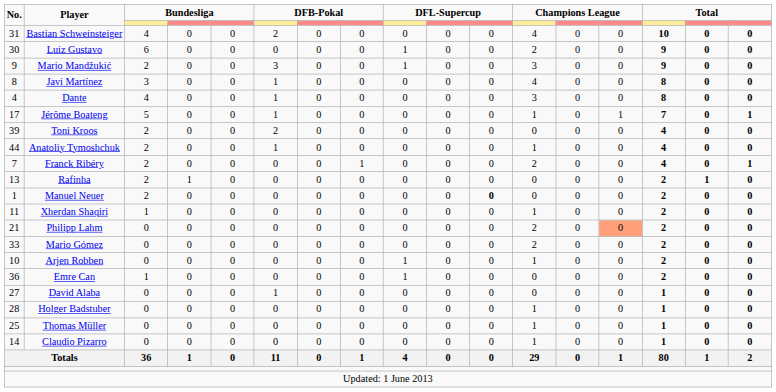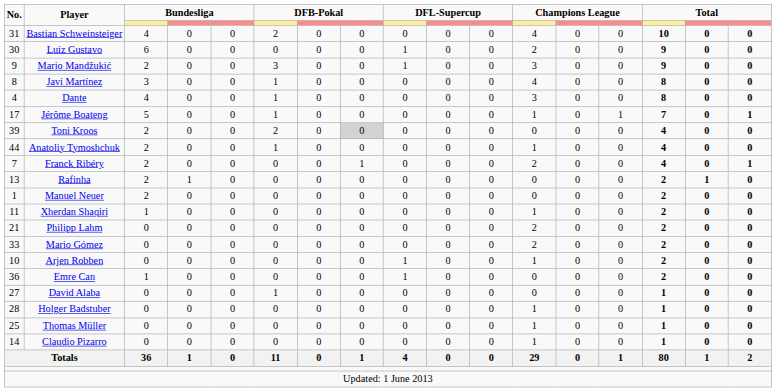 <table class="wikitable" style="text-align:center;">
 <tr style="text-align:center;">
 <td rowspan="2"><strong>No.</strong></td>
 <td rowspan="2"><strong>Player</strong></td>
 <td colspan="3"><strong>Bundesliga</strong></td>
 <td colspan="3"><strong>DFB-Pokal</strong></td>
 <td colspan="3"><strong>DFL-Supercup</strong></td>
 <td colspan="3"><strong>Champions League</strong></td>
 <td colspan="3"><strong>Total</strong></td>
 </tr>
 <tr>
 <th style="width:60px; background:#fe9;"></th>
 <th style="width:60px; background:#ff8888;"></th>
 <th style="width:60px; background:#ff8888;"></th>
 <th style="width:60px; background:#fe9;"></th>
 <th style="width:60px; background:#ff8888;"></th>
 <th style="width:60px; background:#ff8888;"></th>
 <th style="width:60px; background:#fe9;"></th>
 <th style="width:60px; background:#ff8888;"></th>
 <th style="width:60px; background:#ff8888;"></th>
 <th style="width:60px; background:#fe9;"></th>
 <th style="width:60px; background:#ff8888;"></th>
 <th style="width:60px; background:#ff8888;"></th>
 <th style="width:60px; background:#fe9;"></th>
 <th style="width:60px; background:#ff8888;"></th>
 <th style="width:60px; background:#ff8888;"></th>
 </tr>
 <tr>
 <td>31</td>
 <td><a href='#'>Bastian Schweinsteiger</a></td>
 <td>4</td>
 <td>0</td>
 <td>0</td>
 <td>2</td>
 <td>0</td>
 <td>0</td>
 <td>0</td>
 <td>0</td>
 <td>0</td>
 <td>4</td>
 <td>0</td>
 <td>0</td>
 <td><strong>10</strong></td>
 <td><strong>0</strong></td>
 <td><strong>0</strong></td>
 </tr>
 <tr>
 <td>30</td>
 <td><a href='#'>Luiz Gustavo</a></td>
 <td>6</td>
 <td>0</td>
 <td>0</td>
 <td>0</td>
 <td>0</td>
 <td>0</td>
 <td>1</td>
 <td>0</td>
 <td>0</td>
 <td>2</td>
 <td>0</td>
 <td>0</td>
 <td><strong>9</strong></td>
 <td><strong>0</strong></td>
 <td><strong>0</strong></td>
 </tr>
 <tr>
 <td>9</td>
 <td><a href='#'>Mario Mandžukić</a></td>
 <td>2</td>
 <td>0</td>
 <td>0</td>
 <td>3</td>
 <td>0</td>
 <td>0</td>
 <td>1</td>
 <td>0</td>
 <td>0</td>
 <td>3</td>
 <td>0</td>
 <td>0</td>
 <td><strong>9</strong></td>
 <td><strong>0</strong></td>
 <td><strong>0</strong></td>
 </tr>
 <tr>
 <td>8</td>
 <td><a href='#'>Javi Martínez</a></td>
 <td>3</td>
 <td>0</td>
 <td>0</td>
 <td>1</td>
 <td>0</td>
 <td>0</td>
 <td>0</td>
 <td>0</td>
 <td>0</td>
 <td>4</td>
 <td>0</td>
 <td>0</td>
 <td><strong>8</strong></td>
 <td><strong>0</strong></td>
 <td><strong>0</strong></td>
 </tr>
 <tr>
 <td>4</td>
 <td><a href='#'>Dante</a></td>
 <td>4</td>
 <td>0</td>
 <td>0</td>
 <td>1</td>
 <td>0</td>
 <td>0</td>
 <td>0</td>
 <td>0</td>
 <td>0</td>
 <td>3</td>
 <td>0</td>
 <td>0</td>
 <td><strong>8</strong></td>
 <td><strong>0</strong></td>
 <td><strong>0</strong></td>
 </tr>
 <tr>
 <td>17</td>
 <td><a href='#'>Jérôme Boateng</a></td>
 <td>5</td>
 <td>0</td>
 <td>0</td>
 <td>1</td>
 <td>0</td>
 <td>0</td>
 <td>0</td>
 <td>0</td>
 <td>0</td>
 <td>1</td>
 <td>0</td>
 <td>1</td>
 <td><strong>7</strong></td>
 <td><strong>0</strong></td>
 <td><strong>1</strong></td>
 </tr>
 <tr>
 <td>39</td>
 <td><a href='#'>Toni Kroos</a></td>
 <td>2</td>
 <td>0</td>
 <td>0</td>
 <td>2</td>
 <td>0</td>
-<td>0</td>
+<td style="background: lightgrey;">0</td>
 <td>0</td>
 <td>0</td>
 <td>0</td>
 <td>0</td>
 <td>0</td>
 <td>0</td>
 <td><strong>4</strong></td>
 <td><strong>0</strong></td>
 <td><strong>0</strong></td>
 </tr>
 <tr>
 <td>44</td>
 <td><a href='#'>Anatoliy Tymoshchuk</a></td>
 <td>2</td>
 <td>0</td>
 <td>0</td>
 <td>1</td>
 <td>0</td>
 <td>0</td>
 <td>0</td>
 <td>0</td>
 <td>0</td>
 <td>1</td>
 <td>0</td>
 <td>0</td>
 <td><strong>4</strong></td>
 <td><strong>0</strong></td>
 <td><strong>0</strong></td>
 </tr>
 <tr>
 <td>7</td>
 <td><a href='#'>Franck Ribéry</a></td>
 <td>2</td>
 <td>0</td>
 <td>0</td>
 <td>0</td>
 <td>0</td>
 <td>1</td>
 <td>0</td>
 <td>0</td>
 <td>0</td>
 <td>2</td>
 <td>0</td>
 <td>0</td>
 <td><strong>4</strong></td>
 <td><strong>0</strong></td>
 <td><strong>1</strong></td>
 </tr>
 <tr>
 <td>13</td>
 <td><a href='#'>Rafinha</a></td>
 <td>2</td>
 <td>1</td>
 <td>0</td>
 <td>0</td>
 <td>0</td>
 <td>0</td>
 <td>0</td>
 <td>0</td>
 <td>0</td>
 <td>0</td>
 <td>0</td>
 <td>0</td>
 <td><strong>2</strong></td>
 <td><strong>1</strong></td>
 <td><strong>0</strong></td>
 </tr>
 <tr>
 <td>1</td>
 <td><a href='#'>Manuel Neuer</a></td>
 <td>2</td>
 <td>0</td>
 <td>0</td>
 <td>0</td>
 <td>0</td>
 <td>0</td>
 <td>0</td>
 <td>0</td>
-<td><strong>0</strong></td>
+<td>0</td>
 <td>0</td>
 <td>0</td>
 <td>0</td>
 <td><strong>2</strong></td>
 <td><strong>0</strong></td>
 <td><strong>0</strong></td>
 </tr>
 <tr>
 <td>11</td>
 <td><a href='#'>Xherdan Shaqiri</a></td>
 <td>1</td>
 <td>0</td>
 <td>0</td>
 <td>0</td>
 <td>0</td>
 <td>0</td>
 <td>0</td>
 <td>0</td>
 <td>0</td>
 <td>1</td>
 <td>0</td>
 <td>0</td>
 <td><strong>2</strong></td>
 <td><strong>0</strong></td>
 <td><strong>0</strong></td>
 </tr>
 <tr>
 <td>21</td>
 <td><a href='#'>Philipp Lahm</a></td>
 <td>0</td>
 <td>0</td>
 <td>0</td>
 <td>0</td>
 <td>0</td>
 <td>0</td>
 <td>0</td>
 <td>0</td>
 <td>0</td>
 <td>2</td>
 <td>0</td>
-<td style="background: lightsalmon;">0</td>
+<td>0</td>
 <td><strong>2</strong></td>
 <td><strong>0</strong></td>
 <td><strong>0</strong></td>
 </tr>
 <tr>
 <td>33</td>
 <td><a href='#'>Mario Gómez</a></td>
 <td>0</td>
 <td>0</td>
 <td>0</td>
 <td>0</td>
 <td>0</td>
 <td>0</td>
 <td>0</td>
 <td>0</td>
 <td>0</td>
 <td>2</td>
 <td>0</td>
 <td>0</td>
 <td><strong>2</strong></td>
 <td><strong>0</strong></td>
 <td><strong>0</strong></td>
 </tr>
 <tr>
 <td>10</td>
 <td><a href='#'>Arjen Robben</a></td>
 <td>0</td>
 <td>0</td>
 <td>0</td>
 <td>0</td>
 <td>0</td>
 <td>0</td>
 <td>1</td>
 <td>0</td>
 <td>0</td>
 <td>1</td>
 <td>0</td>
 <td>0</td>
 <td><strong>2</strong></td>
 <td><strong>0</strong></td>
 <td><strong>0</strong></td>
 </tr>
 <tr>
 <td>36</td>
 <td><a href='#'>Emre Can</a></td>
 <td>1</td>
 <td>0</td>
 <td>0</td>
 <td>0</td>
 <td>0</td>
 <td>0</td>
 <td>1</td>
 <td>0</td>
 <td>0</td>
 <td>0</td>
 <td>0</td>
 <td>0</td>
 <td><strong>2</strong></td>
 <td><strong>0</strong></td>
 <td><strong>0</strong></td>
 </tr>
 <tr>
 <td>27</td>
 <td><a href='#'>David Alaba</a></td>
 <td>0</td>
 <td>0</td>
 <td>0</td>
 <td>1</td>
 <td>0</td>
 <td>0</td>
 <td>0</td>
 <td>0</td>
 <td>0</td>
 <td>0</td>
 <td>0</td>
 <td>0</td>
 <td><strong>1</strong></td>
 <td><strong>0</strong></td>
 <td><strong>0</strong></td>
 </tr>
 <tr>
 <td>28</td>
 <td><a href='#'>Holger Badstuber</a></td>
 <td>0</td>
 <td>0</td>
 <td>0</td>
 <td>0</td>
 <td>0</td>
 <td>0</td>
 <td>0</td>
 <td>0</td>
 <td>0</td>
 <td>1</td>
 <td>0</td>
 <td>0</td>
 <td><strong>1</strong></td>
 <td><strong>0</strong></td>
 <td><strong>0</strong></td>
 </tr>
 <tr>
 <td>25</td>
 <td><a href='#'>Thomas Müller</a></td>
 <td>0</td>
 <td>0</td>
 <td>0</td>
 <td>0</td>
 <td>0</td>
 <td>0</td>
 <td>0</td>
 <td>0</td>
 <td>0</td>
 <td>1</td>
 <td>0</td>
 <td>0</td>
 <td><strong>1</strong></td>
 <td><strong>0</strong></td>
 <td><strong>0</strong></td>
 </tr>
 <tr>
 <td>14</td>
 <td><a href='#'>Claudio Pizarro</a></td>
 <td>0</td>
 <td>0</td>
 <td>0</td>
 <td>0</td>
 <td>0</td>
 <td>0</td>
 <td>0</td>
 <td>0</td>
 <td>0</td>
 <td>1</td>
 <td>0</td>
 <td>0</td>
 <td><strong>1</strong></td>
 <td><strong>0</strong></td>
 <td><strong>0</strong></td>
 </tr>
 <tr>
 <th colspan="2">Totals</th>
 <th>36</th>
 <th>1</th>
 <th>0</th>
 <th>11</th>
 <th>0</th>
 <th>1</th>
 <th>4</th>
 <th>0</th>
 <th>0</th>
 <th>29</th>
 <th>0</th>
 <th>1</th>
 <th>80</th>
 <th>1</th>
 <th>2</th>
 </tr>
 <tr>
 <td colspan="17"></td>
 </tr>
 <tr>
 <td colspan="17">Updated: 1 June 2013</td>
 </tr>
 </table>
